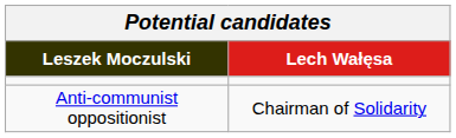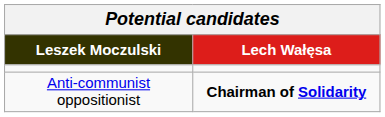 <table class="wikitable" style="font-size:90%;">
 <tr>
 <th colspan="11" style="text-align:center; width:150px; font-size:120%; color:black;"><em>Potential candidates</em></th>
 </tr>
 <tr style="text-align:center">
 <th scope="col" style="width:10em; font-size:120%; background:#333300; color:white;"><small>Leszek Moczulski</small></th>
 <th scope="col" style="width:10em; font-size:120%; background:#DD1D1A; color:white;"><small>Lech Wałęsa</small></th>
 </tr>
 <tr style="text-align:center">
 <td style="text-align:center"></td>
 <td style="text-align:center"></td>
 </tr>
 <tr style="text-align:center">
 <td><a href='#'>Anti-communist</a> oppositionist</td>
-<td>Chairman of <a href='#'>Solidarity</a><br></td>
+<td><strong>Chairman of <a href='#'>Solidarity</a><br></strong></td>
 </tr>
 </table>
